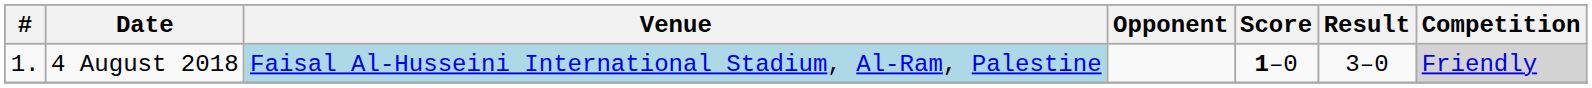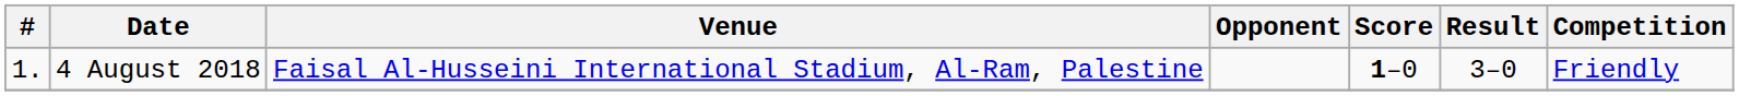 <table class="wikitable">
 <tr>
 <th>#</th>
 <th>Date</th>
 <th>Venue</th>
 <th>Opponent</th>
 <th>Score</th>
 <th>Result</th>
 <th>Competition</th>
 </tr>
 <tr>
 <td>1.</td>
 <td>4 August 2018</td>
-<td style="background: lightblue;"><a href='#'>Faisal Al-Husseini International Stadium</a>, <a href='#'>Al-Ram</a>, <a href='#'>Palestine</a></td>
+<td><a href='#'>Faisal Al-Husseini International Stadium</a>, <a href='#'>Al-Ram</a>, <a href='#'>Palestine</a></td>
 <td></td>
 <td align=center><strong>1</strong>–0</td>
 <td align=center>3–0</td>
-<td style="background: lightgrey;"><a href='#'>Friendly</a></td>
+<td><a href='#'>Friendly</a></td>
 </tr>
 <tr>
 </tr>
 </table>
